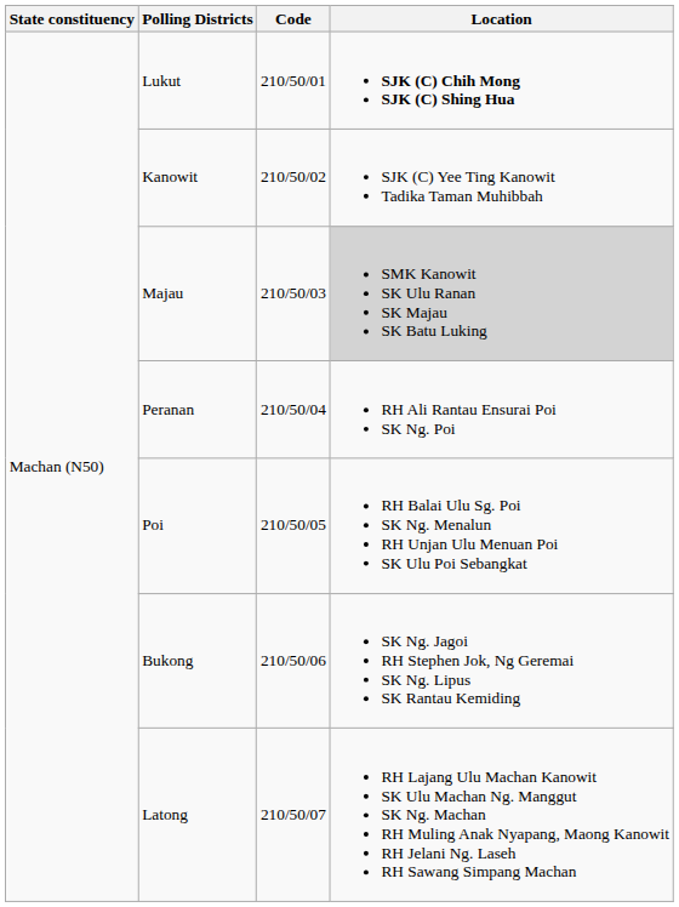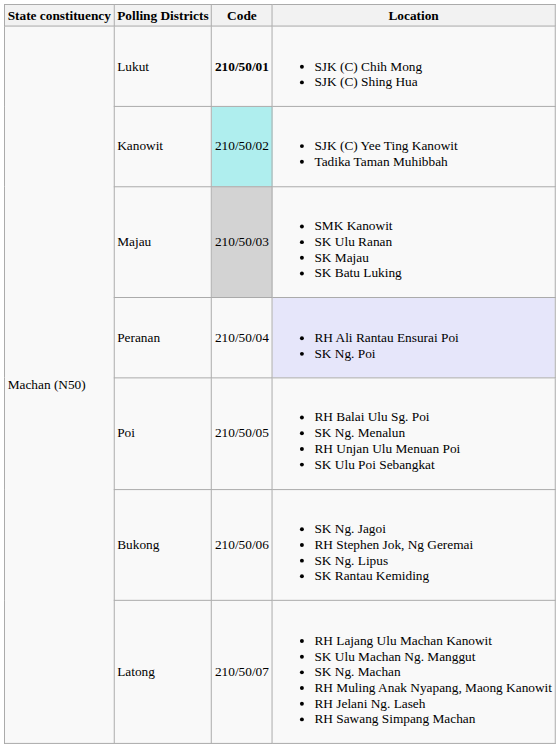 <table class="wikitable sortable mw-collapsible" style="white-space:nowrap;font-size:85%">
 <tr>
 <th>State constituency</th>
 <th>Polling Districts</th>
 <th>Code</th>
 <th>Location</th>
 </tr>
 <tr>
 <td rowspan="7">Machan (N50)</td>
 <td>Lukut</td>
-<td>210/50/01</td>
-<td><strong><br><ul><li>SJK (C) Chih Mong</li><li>SJK (C) Shing Hua</li></ul></strong></td>
+<td><strong>210/50/01</strong></td>
+<td><br><ul><li>SJK (C) Chih Mong</li><li>SJK (C) Shing Hua</li></ul></td>
 </tr>
 <tr>
 <td>Kanowit</td>
-<td>210/50/02</td>
+<td style="background: paleturquoise;">210/50/02</td>
 <td><br><ul><li>SJK (C) Yee Ting Kanowit</li><li>Tadika Taman Muhibbah</li></ul></td>
 </tr>
 <tr>
 <td>Majau</td>
-<td>210/50/03</td>
-<td style="background: lightgrey;"><br><ul><li>SMK Kanowit</li><li>SK Ulu Ranan</li><li>SK Majau</li><li>SK Batu Luking</li></ul></td>
+<td style="background: lightgrey;">210/50/03</td>
+<td><br><ul><li>SMK Kanowit</li><li>SK Ulu Ranan</li><li>SK Majau</li><li>SK Batu Luking</li></ul></td>
 </tr>
 <tr>
 <td>Peranan</td>
 <td>210/50/04</td>
-<td><br><ul><li>RH Ali Rantau Ensurai Poi</li><li>SK Ng. Poi</li></ul></td>
+<td style="background: lavender;"><br><ul><li>RH Ali Rantau Ensurai Poi</li><li>SK Ng. Poi</li></ul></td>
 </tr>
 <tr>
 <td>Poi</td>
 <td>210/50/05</td>
 <td><br><ul><li>RH Balai Ulu Sg. Poi</li><li>SK Ng. Menalun</li><li>RH Unjan Ulu Menuan Poi</li><li>SK Ulu Poi Sebangkat</li></ul></td>
 </tr>
 <tr>
 <td>Bukong</td>
 <td>210/50/06</td>
 <td><br><ul><li>SK Ng. Jagoi</li><li>RH Stephen Jok, Ng Geremai</li><li>SK Ng. Lipus</li><li>SK Rantau Kemiding</li></ul></td>
 </tr>
 <tr>
 <td>Latong</td>
 <td>210/50/07</td>
 <td><br><ul><li>RH Lajang Ulu Machan Kanowit</li><li>SK Ulu Machan Ng. Manggut</li><li>SK Ng. Machan</li><li>RH Muling Anak Nyapang, Maong Kanowit</li><li>RH Jelani Ng. Laseh</li><li>RH Sawang Simpang Machan</li></ul></td>
 </tr>
 </table>
